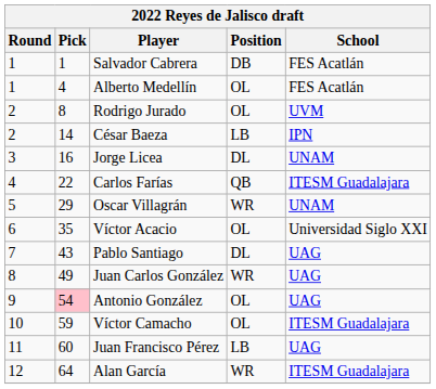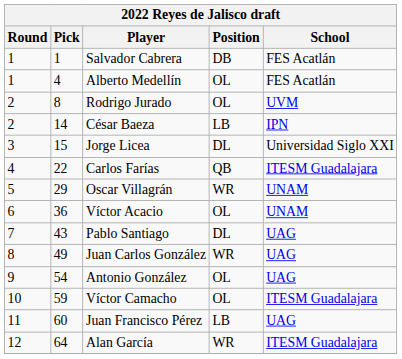 <table class="wikitable" style="text-align:left">
 <tr>
 <th colspan=5>2022 Reyes de Jalisco draft</th>
 </tr>
 <tr>
 <th>Round</th>
 <th>Pick</th>
 <th>Player</th>
 <th>Position</th>
 <th>School</th>
 </tr>
 <tr>
 <td>1</td>
 <td>1</td>
 <td>Salvador Cabrera</td>
 <td>DB</td>
 <td>FES Acatlán</td>
 </tr>
 <tr>
 <td>1</td>
 <td>4</td>
 <td>Alberto Medellín</td>
 <td>OL</td>
 <td>FES Acatlán</td>
 </tr>
 <tr>
 <td>2</td>
 <td>8</td>
 <td>Rodrigo Jurado</td>
 <td>OL</td>
 <td><a href='#'>UVM</a></td>
 </tr>
 <tr>
 <td>2</td>
 <td>14</td>
 <td>César Baeza</td>
 <td>LB</td>
 <td><a href='#'>IPN</a></td>
 </tr>
 <tr>
 <td>3</td>
-<td>16</td>
+<td>15</td>
 <td>Jorge Licea</td>
 <td>DL</td>
-<td><a href='#'>UNAM</a></td>
+<td>Universidad Siglo XXI</td>
 </tr>
 <tr>
 <td>4</td>
 <td>22</td>
 <td>Carlos Farías</td>
 <td>QB</td>
 <td><a href='#'>ITESM Guadalajara</a></td>
 </tr>
 <tr>
 <td>5</td>
 <td>29</td>
 <td>Oscar Villagrán</td>
 <td>WR</td>
 <td><a href='#'>UNAM</a></td>
 </tr>
 <tr>
 <td>6</td>
-<td>35</td>
+<td>36</td>
 <td>Víctor Acacio</td>
 <td>OL</td>
-<td>Universidad Siglo XXI</td>
+<td><a href='#'>UNAM</a></td>
 </tr>
 <tr>
 <td>7</td>
 <td>43</td>
 <td>Pablo Santiago</td>
 <td>DL</td>
 <td><a href='#'>UAG</a></td>
 </tr>
 <tr>
 <td>8</td>
 <td>49</td>
 <td>Juan Carlos González</td>
 <td>WR</td>
 <td><a href='#'>UAG</a></td>
 </tr>
 <tr>
 <td>9</td>
-<td style="background: pink;">54</td>
+<td>54</td>
 <td>Antonio González</td>
 <td>OL</td>
 <td><a href='#'>UAG</a></td>
 </tr>
 <tr>
 <td>10</td>
 <td>59</td>
 <td>Víctor Camacho</td>
 <td>OL</td>
 <td><a href='#'>ITESM Guadalajara</a></td>
 </tr>
 <tr>
 <td>11</td>
 <td>60</td>
 <td>Juan Francisco Pérez</td>
 <td>LB</td>
 <td><a href='#'>UAG</a></td>
 </tr>
 <tr>
 <td>12</td>
 <td>64</td>
 <td>Alan García</td>
 <td>WR</td>
 <td><a href='#'>ITESM Guadalajara</a></td>
 </tr>
 <tr>
 </tr>
 </table>
